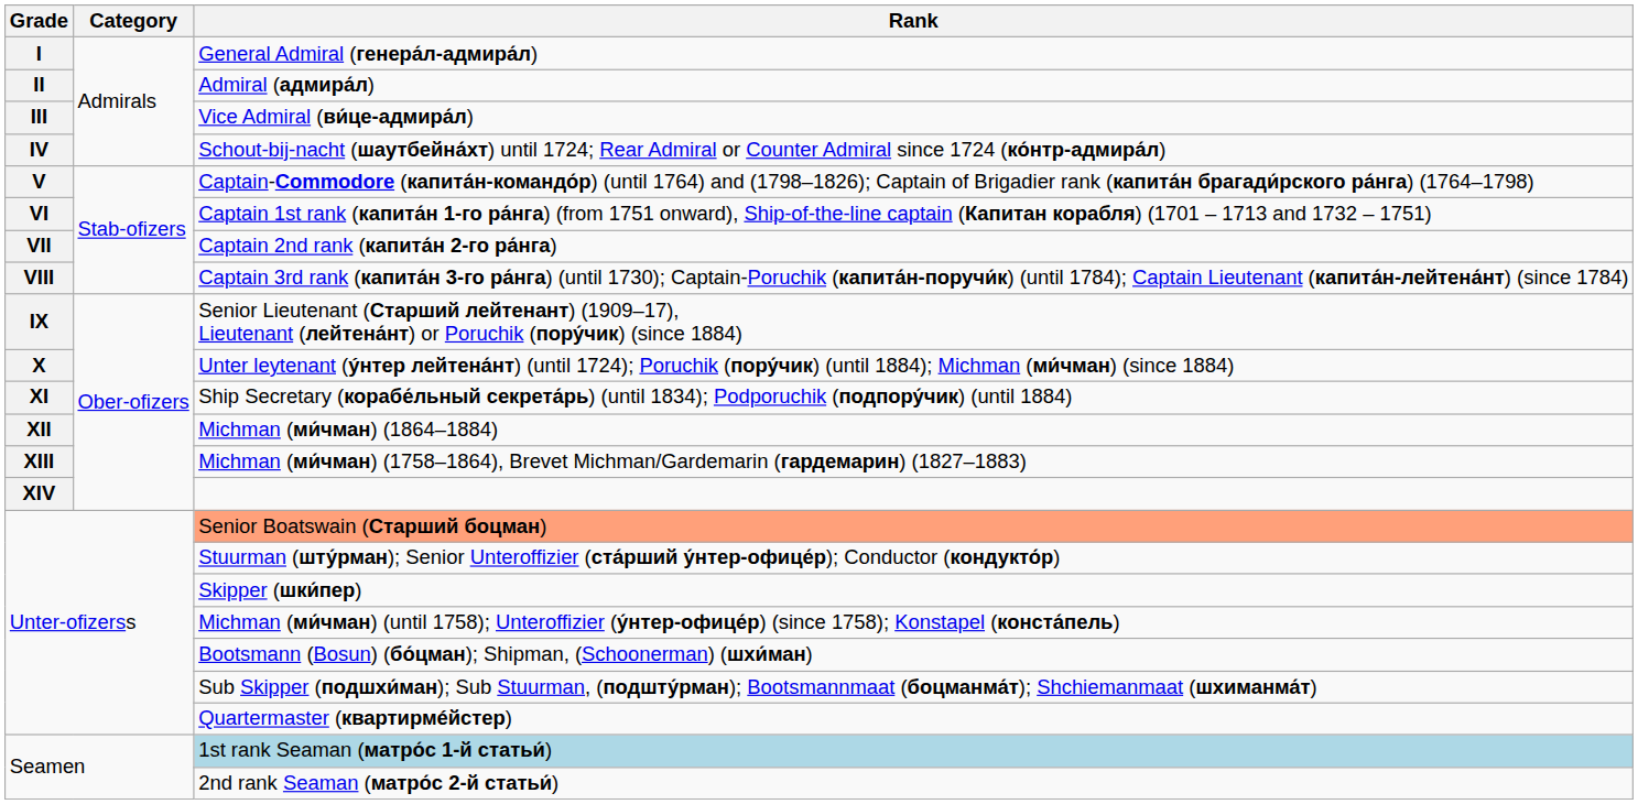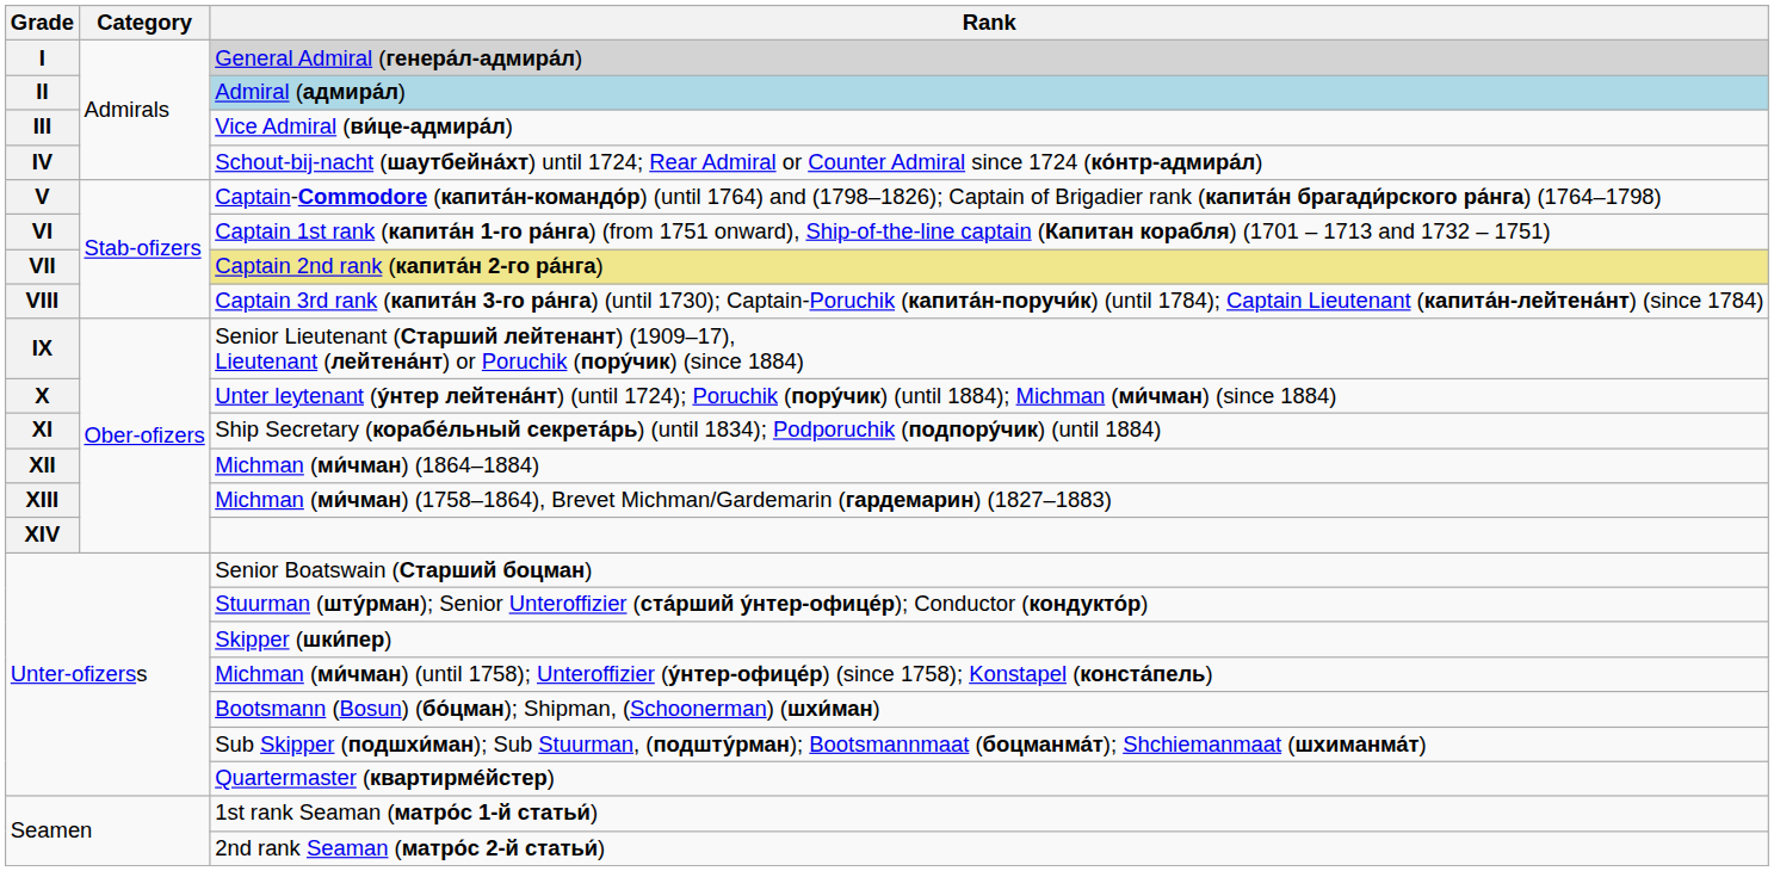 <table class="wikitable">
 <tr>
 <th>Grade</th>
 <th>Category</th>
 <th>Rank</th>
 </tr>
 <tr>
 <th>I</th>
 <td rowspan="4">Admirals</td>
-<td><a href='#'>General Admiral</a> (<strong>генера́л-адмира́л</strong>)</td>
+<td style="background: lightgrey;"><a href='#'>General Admiral</a> (<strong>генера́л-адмира́л</strong>)</td>
 </tr>
 <tr>
 <th>II</th>
-<td><a href='#'>Admiral</a> (<strong>адмира́л</strong>)</td>
+<td style="background: lightblue;"><a href='#'>Admiral</a> (<strong>адмира́л</strong>)</td>
 </tr>
 <tr>
 <th>III</th>
 <td><a href='#'>Vice Admiral</a> (<strong>ви́це-адмира́л</strong>)</td>
 </tr>
 <tr>
 <th>IV</th>
 <td><a href='#'>Schout-bij-nacht</a> (<strong>шаутбейна́хт</strong>) until 1724; <a href='#'>Rear Admiral</a> or <a href='#'>Counter Admiral</a> since 1724 (<strong>ко́нтр-адмира́л</strong>)</td>
 </tr>
 <tr>
 <th>V</th>
 <td rowspan="4"><a href='#'>Stab-ofizers</a></td>
 <td><a href='#'>Captain</a>-<strong><a href='#'>Commodore</a></strong> (<strong>капита́н-командо́р</strong>) (until 1764) and (1798–1826); Captain of Brigadier rank (<strong>капита́н брагади́рского ра́нга</strong>) (1764–1798)</td>
 </tr>
 <tr>
 <th>VI</th>
 <td><a href='#'>Captain 1st rank</a> (<strong>капита́н 1-го ра́нга</strong>) (from 1751 onward), <a href='#'>Ship-of-the-line captain</a> (<strong>Капитан корабля</strong>) (1701 – 1713 and 1732 – 1751)</td>
 </tr>
 <tr>
 <th>VII</th>
-<td><a href='#'>Captain 2nd rank</a> (<strong>капита́н 2-го ра́нга</strong>)</td>
+<td style="background: khaki;"><a href='#'>Captain 2nd rank</a> (<strong>капита́н 2-го ра́нга</strong>)</td>
 </tr>
 <tr>
 <th>VIII</th>
 <td><a href='#'>Captain 3rd rank</a> (<strong>капита́н 3-го ра́нга</strong>) (until 1730); Captain-<a href='#'>Poruchik</a> (<strong>капита́н-поручи́к</strong>) (until 1784); <a href='#'>Captain Lieutenant</a> (<strong>капита́н-лейтена́нт</strong>) (since 1784)</td>
 </tr>
 <tr>
 <th>IX</th>
 <td rowspan="6"><a href='#'>Ober-ofizers</a></td>
 <td>Senior Lieutenant (<strong>Старший лейтенант</strong>) (1909–17),<br> <a href='#'>Lieutenant</a> (<strong>лейтена́нт</strong>) or <a href='#'>Poruchik</a> (<strong>пору́чик</strong>) (since 1884)</td>
 </tr>
 <tr>
 <th>X</th>
 <td><a href='#'>Unter leytenant</a> (<strong>ýнтер лейтена́нт</strong>) (until 1724); <a href='#'>Poruchik</a> (<strong>пору́чик</strong>) (until 1884); <a href='#'>Michman</a> (<strong>ми́чман</strong>) (since 1884)</td>
 </tr>
 <tr>
 <th>XI</th>
 <td>Ship Secretary (<strong>корабе́льный секрета́рь</strong>) (until 1834); <a href='#'>Podporuchik</a> (<strong>подпору́чик</strong>) (until 1884)</td>
 </tr>
 <tr>
 <th>XII</th>
 <td><a href='#'>Michman</a> (<strong>ми́чман</strong>) (1864–1884)</td>
 </tr>
 <tr>
 <th>XIII</th>
 <td><a href='#'>Michman</a> (<strong>ми́чман</strong>) (1758–1864), Brevet Michman/Gardemarin (<strong>гардемарин</strong>) (1827–1883)</td>
 </tr>
 <tr>
 <th>XIV</th>
 <td></td>
 </tr>
 <tr>
 <td rowspan="7" colspan="2"><a href='#'>Unter-ofizers</a>s</td>
-<td style="background: lightsalmon;">Senior Boatswain (<strong>Старший боцман</strong>)</td>
+<td>Senior Boatswain (<strong>Старший боцман</strong>)</td>
 </tr>
 <tr>
 <td><a href='#'>Stuurman</a> (<strong>шту́рман</strong>); Senior <a href='#'>Unteroffizier</a> (<strong>ста́рший у́нтер-офице́р</strong>); Conductor (<strong>кондукто́р</strong>)</td>
 </tr>
 <tr>
 <td><a href='#'>Skipper</a> (<strong>шки́пер</strong>)</td>
 </tr>
 <tr>
 <td><a href='#'>Michman</a> (<strong>ми́чман</strong>) (until 1758); <a href='#'>Unteroffizier</a> (<strong>у́нтер-офице́р</strong>) (since 1758); <a href='#'>Konstapel</a> (<strong>конста́пель</strong>)</td>
 </tr>
 <tr>
 <td><a href='#'>Bootsmann</a> (<a href='#'>Bosun</a>) (<strong>бо́цман</strong>); Shipman, (<a href='#'>Schoonerman</a>) (<strong>шхи́ман</strong>)</td>
 </tr>
 <tr>
 <td>Sub <a href='#'>Skipper</a> (<strong>подшхи́ман</strong>); Sub <a href='#'>Stuurman</a>, (<strong>подшту́рман</strong>); <a href='#'>Bootsmannmaat</a> (<strong>боцманма́т</strong>); <a href='#'>Shchiemanmaat</a> (<strong>шхиманма́т</strong>)</td>
 </tr>
 <tr>
 <td><a href='#'>Quartermaster</a> (<strong>квартирмéйстер</strong>)</td>
 </tr>
 <tr>
 <td rowspan="2" colspan="2">Seamen</td>
-<td style="background: lightblue;">1st rank Seaman (<strong>матро́с 1-й статьи́</strong>)</td>
+<td>1st rank Seaman (<strong>матро́с 1-й статьи́</strong>)</td>
 </tr>
 <tr>
 <td>2nd rank <a href='#'>Seaman</a> (<strong>матро́с 2-й статьи́</strong>)</td>
 </tr>
 </table>
